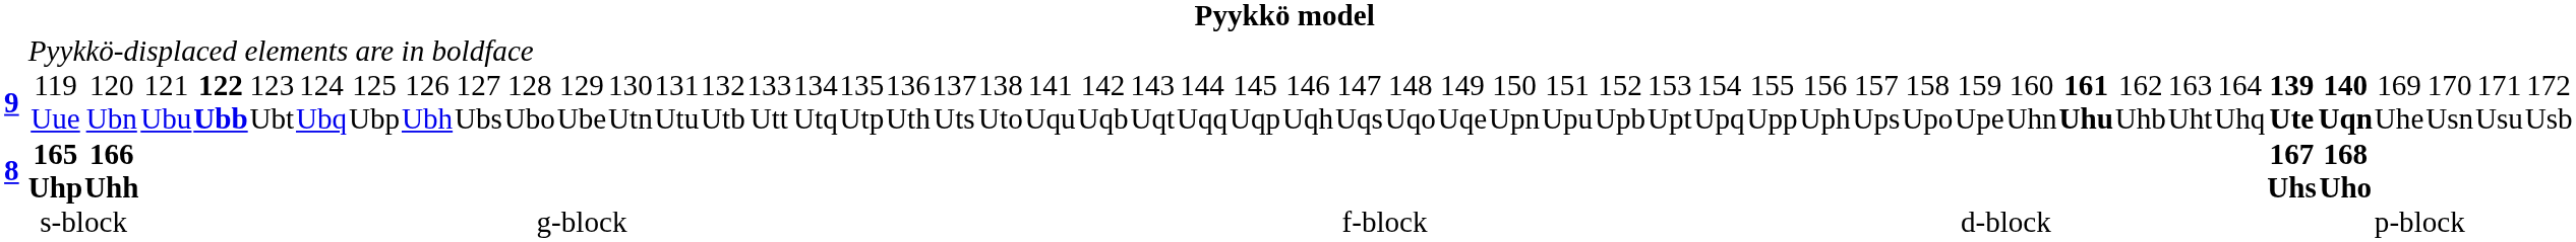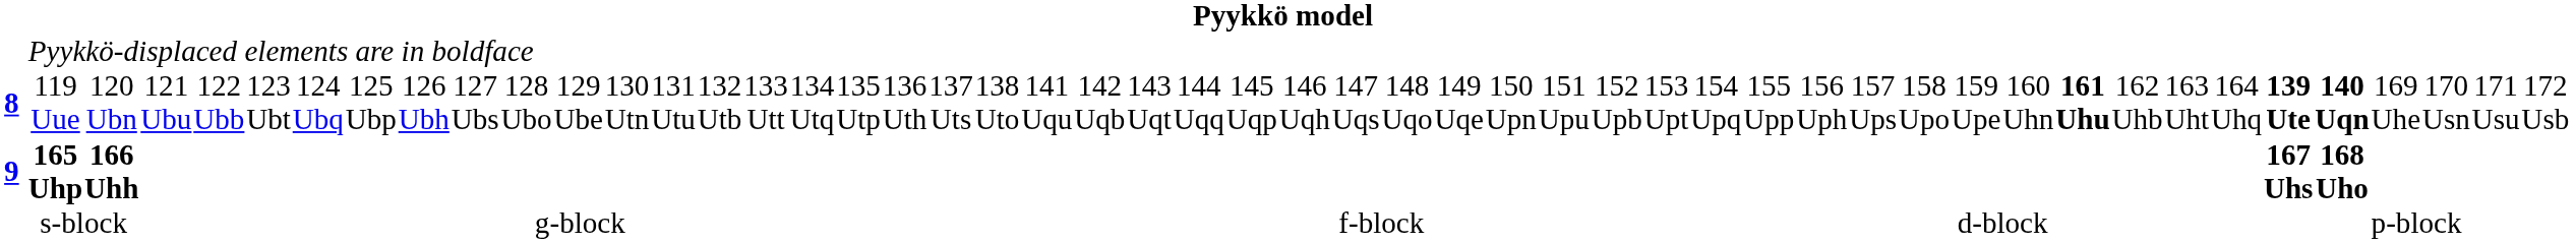 <table border=0 cellpadding="0" cellspacing="1" style="text-align:center; background:">
 <tr>
 <th colspan=51 style="background:">Pyykkö model</th>
 </tr>
 <tr>
 <td></td>
 <td colspan=50 style="text-align:left;"><em>Pyykkö-displaced elements are in boldface</em></td>
 </tr>
 <tr cellpadding="0" cellspacing="2">
-<td> <strong><a href='#'>9</a></strong> </td>
+<td> <strong><a href='#'>8</a></strong> </td>
 <td style="background:">119<br><a href='#'>Uue</a></td>
 <td style="background:">120<br><a href='#'>Ubn</a></td>
 <td style="background:">121<br><a href='#'>Ubu</a></td>
-<td style="background:"><strong>122<br><a href='#'>Ubb</a></strong></td>
+<td style="background:">122<br><a href='#'>Ubb</a></td>
 <td style="background:">123<br>Ubt</td>
 <td style="background:">124<br><a href='#'>Ubq</a></td>
 <td style="background:">125<br>Ubp</td>
 <td style="background:">126<br><a href='#'>Ubh</a></td>
 <td style="background:">127<br>Ubs</td>
 <td style="background:">128<br>Ubo</td>
 <td style="background:">129<br>Ube</td>
 <td style="background:">130<br>Utn</td>
 <td style="background:">131<br>Utu</td>
 <td style="background:">132<br>Utb</td>
 <td style="background:">133<br>Utt</td>
 <td style="background:">134<br>Utq</td>
 <td style="background:">135<br>Utp</td>
 <td style="background:">136<br>Uth</td>
 <td style="background:">137<br>Uts</td>
 <td style="background:">138<br>Uto</td>
 <td style="background:">141<br>Uqu</td>
 <td style="background:">142<br>Uqb</td>
 <td style="background:">143<br>Uqt</td>
 <td style="background:">144<br>Uqq</td>
 <td style="background:">145<br>Uqp</td>
 <td style="background:">146<br>Uqh</td>
 <td style="background:">147<br>Uqs</td>
 <td style="background:">148<br>Uqo</td>
 <td style="background:">149<br>Uqe</td>
 <td style="background:">150<br>Upn</td>
 <td style="background:">151<br>Upu</td>
 <td style="background:">152<br>Upb</td>
 <td style="background:">153<br>Upt</td>
 <td style="background:">154<br>Upq</td>
 <td style="background:">155<br>Upp</td>
 <td style="background:">156<br>Uph</td>
 <td style="background:">157<br>Ups</td>
 <td style="background:">158<br>Upo</td>
 <td style="background:">159<br>Upe</td>
 <td style="background:">160<br>Uhn</td>
 <td style="background:"><strong>161<br>Uhu</strong></td>
 <td style="background:">162<br>Uhb</td>
 <td style="background:">163<br>Uht</td>
 <td style="background:">164<br>Uhq</td>
 <td style="background:"><strong>139<br>Ute</strong></td>
 <td style="background:"><strong>140<br>Uqn</strong></td>
 <td style="background:">169<br>Uhe</td>
 <td style="background:">170<br>Usn</td>
 <td style="background:">171<br>Usu</td>
 <td style="background:">172<br>Usb</td>
 </tr>
 <tr>
-<td><strong><a href='#'>8</a></strong></td>
+<td><strong><a href='#'>9</a></strong></td>
 <td style="background:"><strong>165<br>Uhp</strong></td>
 <td style="background:"><strong>166<br>Uhh</strong></td>
 <td colspan="42"></td>
 <td style="background:"><strong>167<br>Uhs</strong></td>
 <td style="background:"><strong>168<br>Uho</strong></td>
 </tr>
 <tr>
 <td> </td>
 <td colspan=2 style="background:">s-block</td>
 <td colspan=18 style="background:">g-block</td>
 <td colspan=14 style="background:">f-block</td>
 <td colspan=10 style="background:">d-block</td>
 <td colspan=6 style="background:">p-block</td>
 </tr>
 </table>
